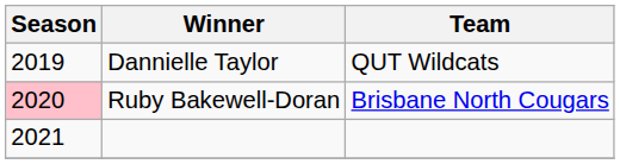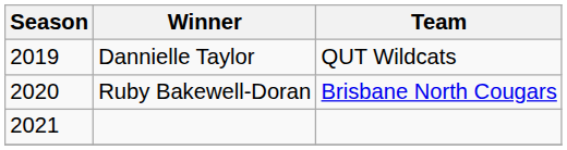 <table class="wikitable collapsible">
 <tr>
 <th>Season</th>
 <th>Winner</th>
 <th>Team</th>
 </tr>
 <tr>
 <td>2019</td>
 <td>Dannielle Taylor</td>
 <td>QUT Wildcats</td>
 </tr>
 <tr>
-<td style="background: pink;">2020</td>
+<td>2020</td>
 <td>Ruby Bakewell-Doran</td>
 <td><a href='#'>Brisbane North Cougars</a></td>
 </tr>
 <tr>
 <td>2021</td>
 <td></td>
 <td></td>
 </tr>
 <tr>
 </tr>
 </table>
